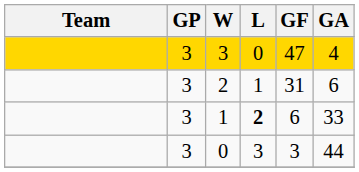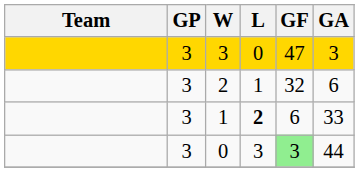 <table class="wikitable" style="text-align:center">
 <tr>
 <th width="120">Team</th>
 <th width="20">GP</th>
 <th width="20">W</th>
 <th width="20">L</th>
 <th width="20">GF</th>
 <th width="20">GA</th>
 </tr>
 <tr bgcolor="gold">
 <td align=left> </td>
 <td>3</td>
 <td>3</td>
 <td>0</td>
 <td>47</td>
-<td>4</td>
+<td>3</td>
 </tr>
 <tr>
 <td align=left></td>
 <td>3</td>
 <td>2</td>
 <td>1</td>
-<td>31</td>
+<td>32</td>
 <td>6</td>
 </tr>
 <tr>
 <td align=left></td>
 <td>3</td>
 <td>1</td>
 <td><strong>2</strong></td>
 <td>6</td>
 <td>33</td>
 </tr>
 <tr>
 <td align=left></td>
 <td>3</td>
 <td>0</td>
 <td>3</td>
-<td>3</td>
+<td style="background: lightgreen;">3</td>
 <td>44</td>
 </tr>
 <tr>
 </tr>
 </table>
